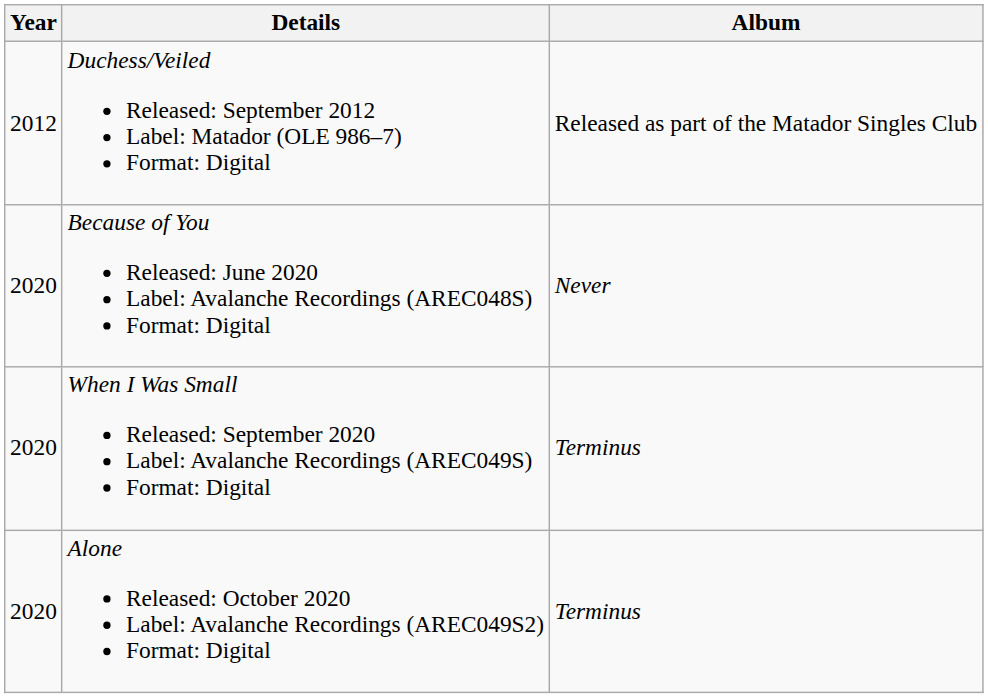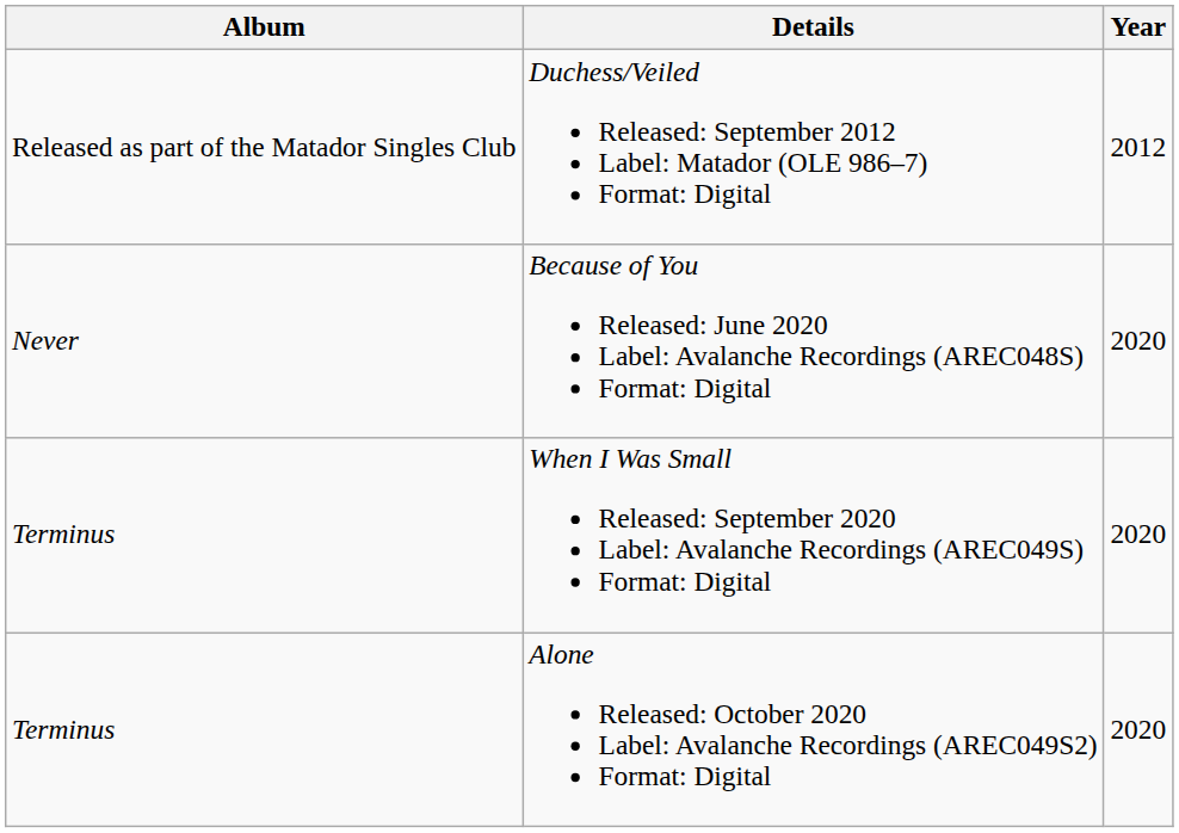 <table class="wikitable">
 <tr>
+<th>Album</th>
+<th>Details</th>
 <th>Year</th>
-<th>Details</th>
-<th>Album</th>
 </tr>
 <tr>
+<td>Released as part of the Matador Singles Club</td>
+<td><em>Duchess/Veiled</em><br><ul><li>Released: September 2012</li><li>Label: Matador (OLE 986–7)</li><li>Format: Digital</li></ul></td>
 <td>2012</td>
-<td><em>Duchess/Veiled</em><br><ul><li>Released: September 2012</li><li>Label: Matador (OLE 986–7)</li><li>Format: Digital</li></ul></td>
-<td>Released as part of the Matador Singles Club</td>
 </tr>
 <tr>
+<td><em>Never</em></td>
+<td><em>Because of You</em><br><ul><li>Released: June 2020</li><li>Label: Avalanche Recordings (AREC048S)</li><li>Format: Digital</li></ul></td>
 <td>2020</td>
-<td><em>Because of You</em><br><ul><li>Released: June 2020</li><li>Label: Avalanche Recordings (AREC048S)</li><li>Format: Digital</li></ul></td>
-<td><em>Never</em></td>
 </tr>
 <tr>
+<td><em>Terminus</em></td>
+<td><em>When I Was Small</em><br><ul><li>Released: September 2020</li><li>Label: Avalanche Recordings (AREC049S)</li><li>Format: Digital</li></ul></td>
 <td>2020</td>
-<td><em>When I Was Small</em><br><ul><li>Released: September 2020</li><li>Label: Avalanche Recordings (AREC049S)</li><li>Format: Digital</li></ul></td>
-<td><em>Terminus</em></td>
 </tr>
 <tr>
+<td><em>Terminus</em></td>
+<td><em>Alone</em><br><ul><li>Released: October 2020</li><li>Label: Avalanche Recordings (AREC049S2)</li><li>Format: Digital</li></ul></td>
 <td>2020</td>
-<td><em>Alone</em><br><ul><li>Released: October 2020</li><li>Label: Avalanche Recordings (AREC049S2)</li><li>Format: Digital</li></ul></td>
-<td><em>Terminus</em></td>
 </tr>
 </table>
